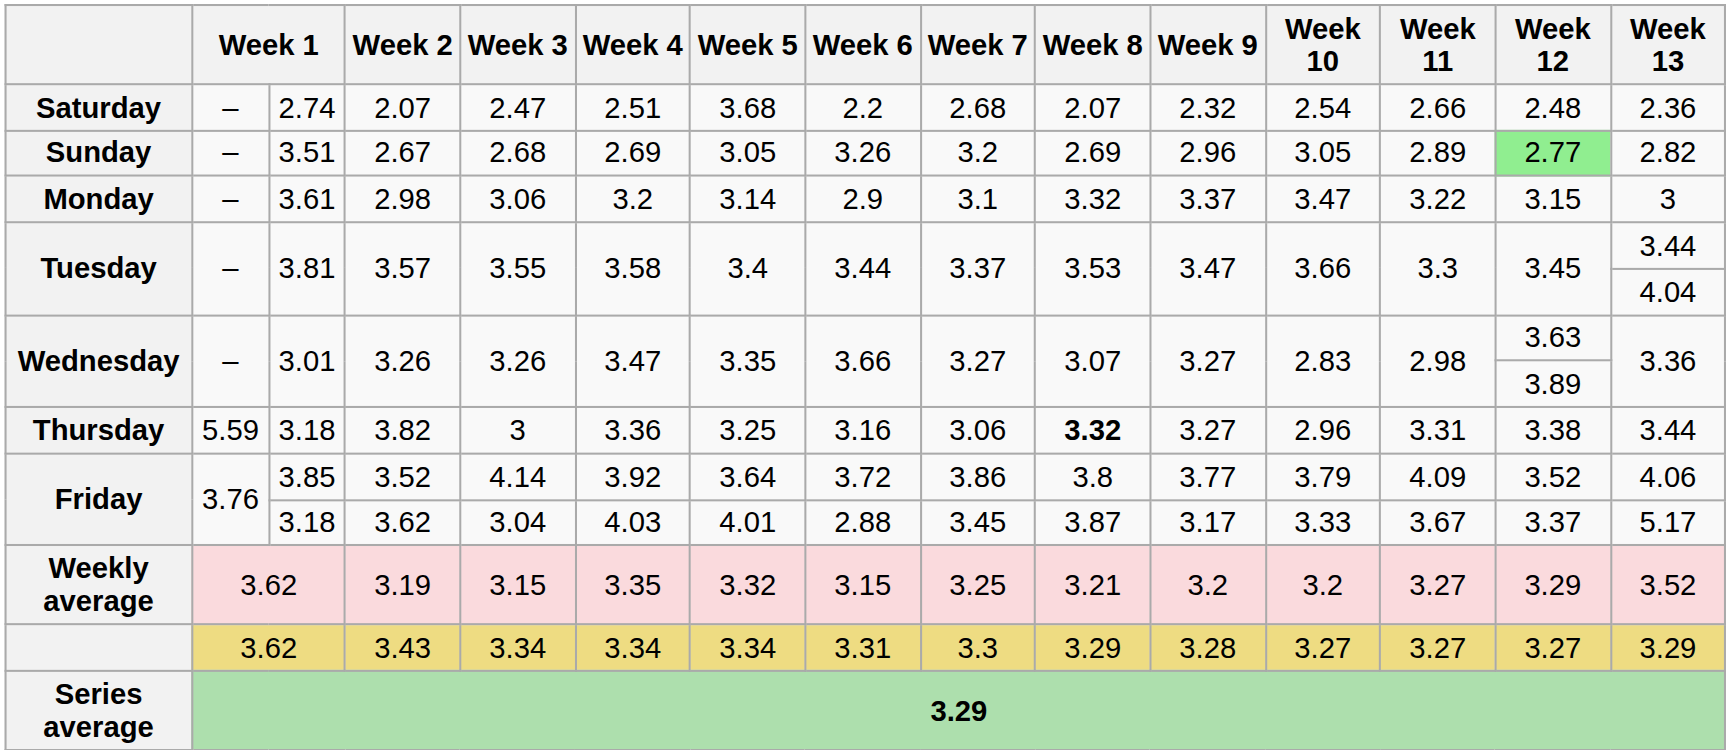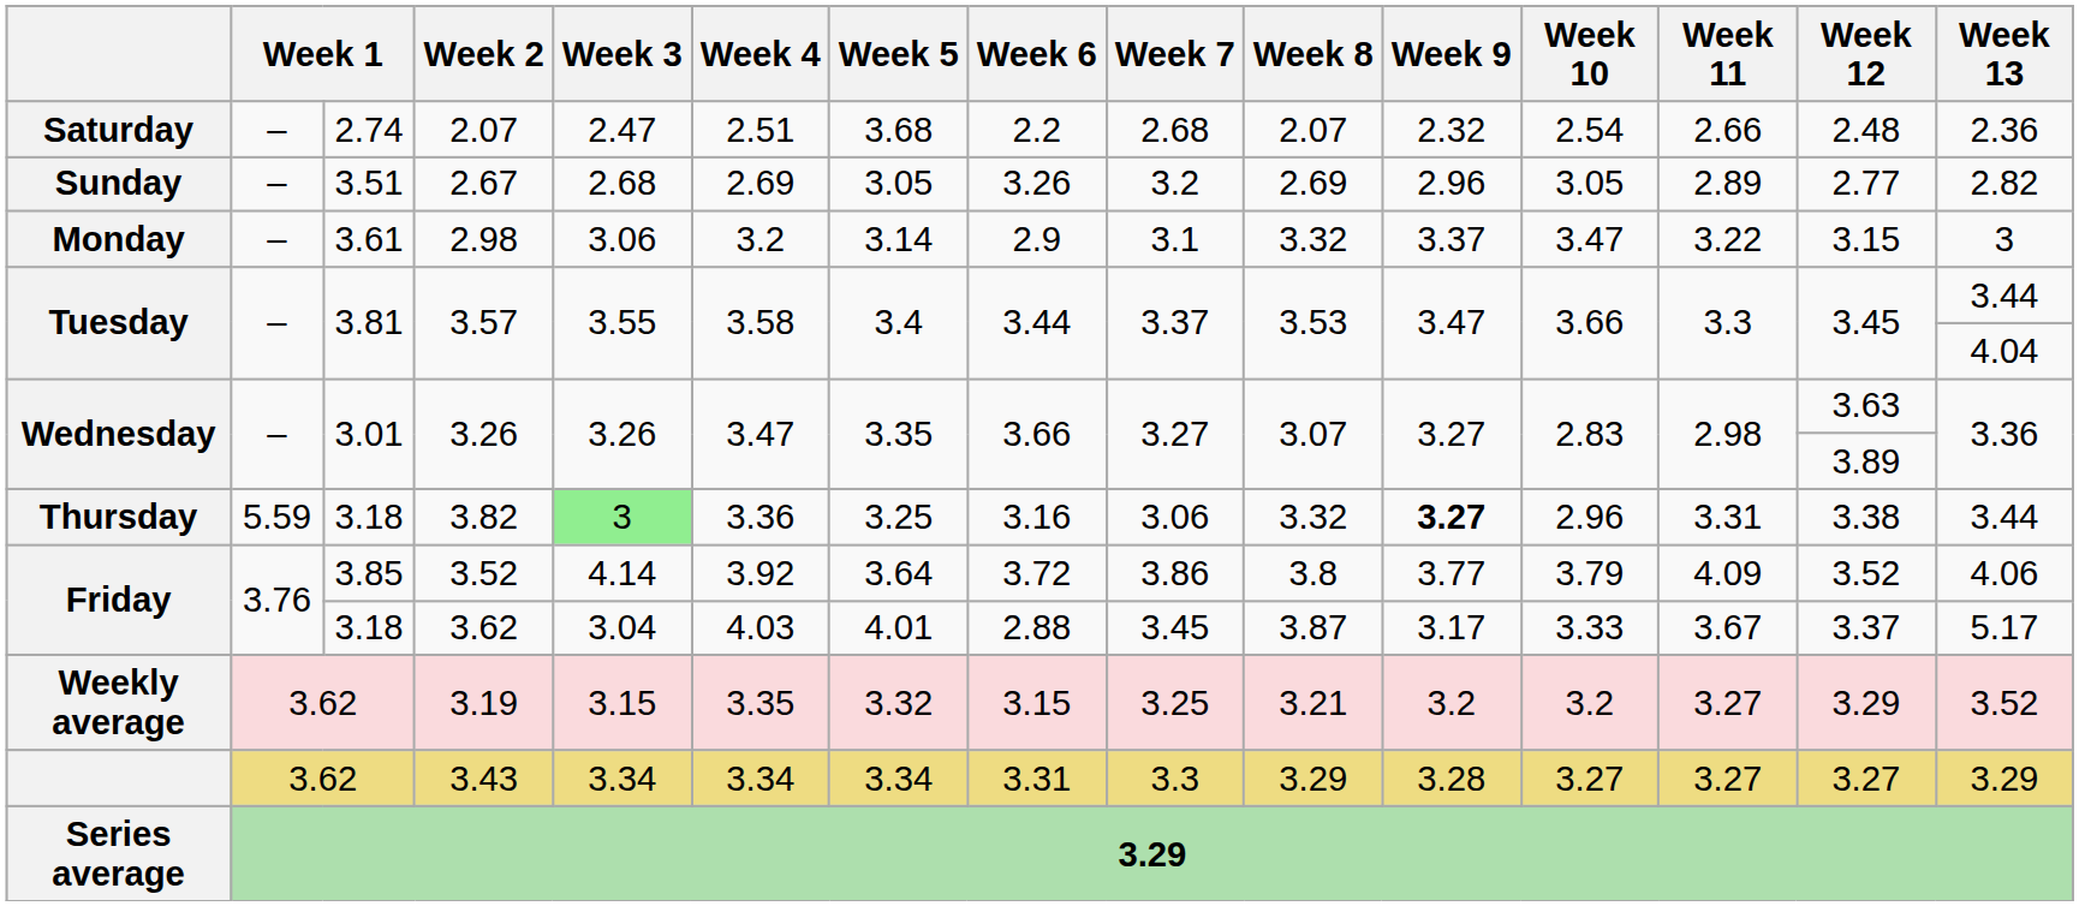 <table class="wikitable" style="font-size:90%; text-align:center; width: 96%; margin-left: auto; margin-right: auto;">
 <tr>
 <th style="width:6%"></th>
 <th colspan=2 style="width:6%">Week 1</th>
 <th style="width:6%">Week 2</th>
 <th style="width:6%">Week 3</th>
 <th style="width:6%">Week 4</th>
 <th style="width:6%">Week 5</th>
 <th style="width:6%">Week 6</th>
 <th style="width:6%">Week 7</th>
 <th style="width:6%">Week 8</th>
 <th style="width:6%">Week 9</th>
 <th style="width:6%">Week 10</th>
 <th style="width:6%">Week 11</th>
 <th style="width:6%">Week 12</th>
 <th style="width:6%">Week 13</th>
 </tr>
 <tr>
 <th>Saturday</th>
 <td>–</td>
 <td>2.74</td>
 <td>2.07</td>
 <td>2.47</td>
 <td>2.51</td>
 <td>3.68</td>
 <td>2.2</td>
 <td>2.68</td>
 <td>2.07</td>
 <td>2.32</td>
 <td>2.54</td>
 <td>2.66</td>
 <td>2.48</td>
 <td>2.36</td>
 </tr>
 <tr>
 <th>Sunday</th>
 <td>–</td>
 <td>3.51</td>
 <td>2.67</td>
 <td>2.68</td>
 <td>2.69</td>
 <td>3.05</td>
 <td>3.26</td>
 <td>3.2</td>
 <td>2.69</td>
 <td>2.96</td>
 <td>3.05</td>
 <td>2.89</td>
-<td style="background: lightgreen;">2.77</td>
+<td>2.77</td>
 <td>2.82</td>
 </tr>
 <tr>
 <th>Monday</th>
 <td>–</td>
 <td>3.61</td>
 <td>2.98</td>
 <td>3.06</td>
 <td>3.2</td>
 <td>3.14</td>
 <td>2.9</td>
 <td>3.1</td>
 <td>3.32</td>
 <td>3.37</td>
 <td>3.47</td>
 <td>3.22</td>
 <td>3.15</td>
 <td>3</td>
 </tr>
 <tr>
 <th rowspan="2">Tuesday</th>
 <td rowspan="2">–</td>
 <td rowspan="2">3.81</td>
 <td rowspan="2">3.57</td>
 <td rowspan="2">3.55</td>
 <td rowspan="2">3.58</td>
 <td rowspan="2">3.4</td>
 <td rowspan="2">3.44</td>
 <td rowspan="2">3.37</td>
 <td rowspan="2">3.53</td>
 <td rowspan="2">3.47</td>
 <td rowspan="2">3.66</td>
 <td rowspan="2">3.3</td>
 <td rowspan="2">3.45</td>
 <td>3.44</td>
 </tr>
 <tr>
 <td>4.04</td>
 </tr>
 <tr>
 <th rowspan="2">Wednesday</th>
 <td rowspan="2">–</td>
 <td rowspan="2">3.01</td>
 <td rowspan="2">3.26</td>
 <td rowspan="2">3.26</td>
 <td rowspan="2">3.47</td>
 <td rowspan="2">3.35</td>
 <td rowspan="2">3.66</td>
 <td rowspan="2">3.27</td>
 <td rowspan="2">3.07</td>
 <td rowspan="2">3.27</td>
 <td rowspan="2">2.83</td>
 <td rowspan="2">2.98</td>
 <td>3.63</td>
 <td rowspan="2">3.36</td>
 </tr>
 <tr>
 <td>3.89</td>
 </tr>
 <tr>
 <th>Thursday</th>
 <td>5.59</td>
 <td>3.18</td>
 <td>3.82</td>
-<td>3</td>
+<td style="background: lightgreen;">3</td>
 <td>3.36</td>
 <td>3.25</td>
 <td>3.16</td>
 <td>3.06</td>
-<td><strong>3.32</strong></td>
-<td>3.27</td>
+<td>3.32</td>
+<td><strong>3.27</strong></td>
 <td>2.96</td>
 <td>3.31</td>
 <td>3.38</td>
 <td>3.44</td>
 </tr>
 <tr>
 <th rowspan="2">Friday</th>
 <td rowspan=2>3.76</td>
 <td>3.85</td>
 <td>3.52</td>
 <td>4.14</td>
 <td>3.92</td>
 <td>3.64</td>
 <td>3.72</td>
 <td>3.86</td>
 <td>3.8</td>
 <td>3.77</td>
 <td>3.79</td>
 <td>4.09</td>
 <td>3.52</td>
 <td>4.06</td>
 </tr>
 <tr>
 <td>3.18</td>
 <td>3.62</td>
 <td>3.04</td>
 <td>4.03</td>
 <td>4.01</td>
 <td>2.88</td>
 <td>3.45</td>
 <td>3.87</td>
 <td>3.17</td>
 <td>3.33</td>
 <td>3.67</td>
 <td>3.37</td>
 <td>5.17</td>
 </tr>
 <tr>
 <th>Weekly average</th>
 <td colspan=2 style="background:#FADADD">3.62</td>
 <td style="background:#FADADD">3.19</td>
 <td style="background:#FADADD">3.15</td>
 <td style="background:#FADADD">3.35</td>
 <td style="background:#FADADD">3.32</td>
 <td style="background:#FADADD">3.15</td>
 <td style="background:#FADADD">3.25</td>
 <td style="background:#FADADD">3.21</td>
 <td style="background:#FADADD">3.2</td>
 <td style="background:#FADADD">3.2</td>
 <td style="background:#FADADD">3.27</td>
 <td style="background:#FADADD">3.29</td>
 <td style="background:#FADADD">3.52</td>
 </tr>
 <tr>
 <th></th>
 <td colspan=2 style="background:#EEDC82">3.62</td>
 <td style="background:#EEDC82">3.43</td>
 <td style="background:#EEDC82">3.34</td>
 <td style="background:#EEDC82">3.34</td>
 <td style="background:#EEDC82">3.34</td>
 <td style="background:#EEDC82">3.31</td>
 <td style="background:#EEDC82">3.3</td>
 <td style="background:#EEDC82">3.29</td>
 <td style="background:#EEDC82">3.28</td>
 <td style="background:#EEDC82">3.27</td>
 <td style="background:#EEDC82">3.27</td>
 <td style="background:#EEDC82">3.27</td>
 <td style="background:#EEDC82">3.29</td>
 </tr>
 <tr>
 <th>Series average</th>
 <td style="background:#ADDFAD" colspan="14"><strong>3.29</strong></td>
 </tr>
 </table>
